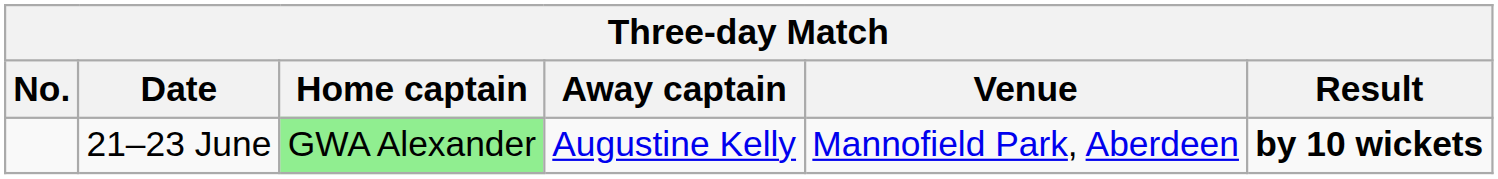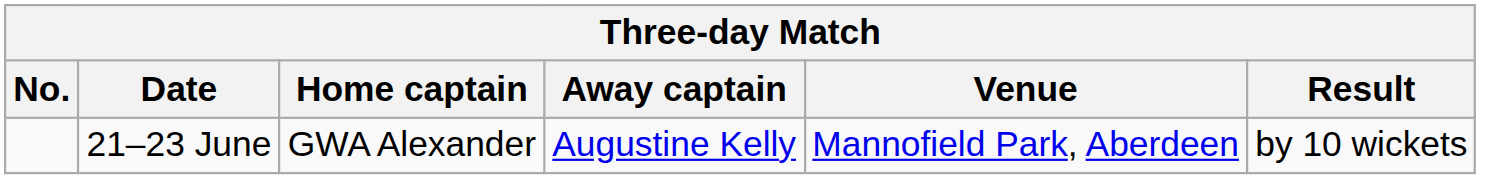 <table class="wikitable">
 <tr>
 <th colspan="9">Three-day Match</th>
 </tr>
 <tr>
 <th>No.</th>
 <th>Date</th>
 <th>Home captain</th>
 <th>Away captain</th>
 <th>Venue</th>
 <th>Result</th>
 </tr>
 <tr>
 <td></td>
 <td>21–23 June</td>
-<td style="background: lightgreen;">GWA Alexander</td>
+<td>GWA Alexander</td>
 <td><a href='#'>Augustine Kelly</a></td>
 <td><a href='#'>Mannofield Park</a>, <a href='#'>Aberdeen</a></td>
-<td><strong> by 10 wickets</strong></td>
+<td> by 10 wickets</td>
 </tr>
 </table>
